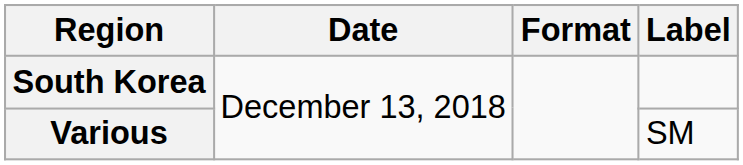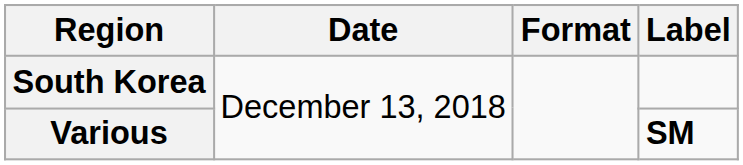 <table class="wikitable plainrowheaders">
 <tr>
 <th scope="col">Region</th>
 <th scope="col">Date</th>
 <th scope="col">Format</th>
 <th scope="col">Label</th>
 </tr>
 <tr>
 <th scope="row">South Korea</th>
 <td rowspan="2">December 13, 2018</td>
 <td rowspan="2"></td>
 <td></td>
 </tr>
 <tr>
 <th scope="row">Various</th>
-<td>SM</td>
+<td><strong>SM</strong></td>
 </tr>
 </table>
